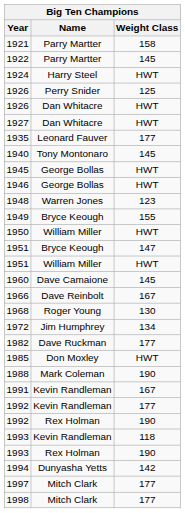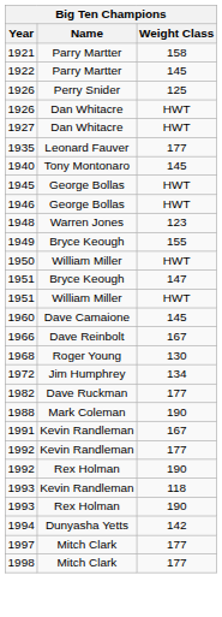 <table class="wikitable">
 <tr>
 <th colspan="3">Big Ten Champions</th>
 </tr>
 <tr>
 <th scope="col">Year</th>
 <th scope="col">Name</th>
 <th scope="col">Weight Class</th>
 </tr>
 <tr>
 <td>1921</td>
 <td style="text-align: center;">Parry Martter</td>
 <td style="text-align: center;">158</td>
 </tr>
 <tr>
 <td>1922</td>
 <td style="text-align: center;">Parry Martter</td>
 <td style="text-align: center;">145</td>
-</tr>
-<tr>
-<td>1924</td>
-<td style="text-align: center;">Harry Steel</td>
-<td style="text-align: center;">HWT</td>
 </tr>
 <tr>
 <td>1926</td>
 <td style="text-align: center;">Perry Snider</td>
 <td style="text-align: center;">125</td>
 </tr>
 <tr>
 <td>1926</td>
 <td style="text-align: center;">Dan Whitacre</td>
 <td style="text-align: center;">HWT</td>
 </tr>
 <tr>
 <td>1927</td>
 <td style="text-align: center;">Dan Whitacre</td>
 <td style="text-align: center;">HWT</td>
 </tr>
 <tr>
 <td>1935</td>
 <td style="text-align: center;">Leonard Fauver</td>
 <td style="text-align: center;">177</td>
 </tr>
 <tr>
 <td>1940</td>
 <td style="text-align: center;">Tony Montonaro</td>
 <td style="text-align: center;">145</td>
 </tr>
 <tr>
 <td>1945</td>
 <td style="text-align: center;">George Bollas</td>
 <td style="text-align: center;">HWT</td>
 </tr>
 <tr>
 <td>1946</td>
 <td style="text-align: center;">George Bollas</td>
 <td style="text-align: center;">HWT</td>
 </tr>
 <tr>
 <td>1948</td>
 <td style="text-align: center;">Warren Jones</td>
 <td style="text-align: center;">123</td>
 </tr>
 <tr>
 <td>1949</td>
 <td style="text-align: center;">Bryce Keough</td>
 <td style="text-align: center;">155</td>
 </tr>
 <tr>
 <td>1950</td>
 <td style="text-align: center;">William Miller</td>
 <td style="text-align: center;">HWT</td>
 </tr>
 <tr>
 <td>1951</td>
 <td style="text-align: center;">Bryce Keough</td>
 <td style="text-align: center;">147</td>
 </tr>
 <tr>
 <td>1951</td>
 <td style="text-align: center;">William Miller</td>
 <td style="text-align: center;">HWT</td>
 </tr>
 <tr>
 <td>1960</td>
 <td style="text-align: center;">Dave Camaione</td>
 <td style="text-align: center;">145</td>
 </tr>
 <tr>
 <td>1966</td>
 <td style="text-align: center;">Dave Reinbolt</td>
 <td style="text-align: center;">167</td>
 </tr>
 <tr>
 <td>1968</td>
 <td style="text-align: center;">Roger Young</td>
 <td style="text-align: center;">130</td>
 </tr>
 <tr>
 <td>1972</td>
 <td style="text-align: center;">Jim Humphrey</td>
 <td style="text-align: center;">134</td>
 </tr>
 <tr>
 <td>1982</td>
 <td style="text-align: center;">Dave Ruckman</td>
 <td style="text-align: center;">177</td>
 </tr>
 <tr>
-<td>1985</td>
-<td style="text-align: center;">Don Moxley</td>
-<td style="text-align: center;">HWT</td>
-</tr>
-<tr>
 <td>1988</td>
 <td style="text-align: center;">Mark Coleman</td>
 <td style="text-align: center;">190</td>
 </tr>
 <tr>
 <td>1991</td>
 <td style="text-align: center;">Kevin Randleman</td>
 <td style="text-align: center;">167</td>
 </tr>
 <tr>
 <td>1992</td>
 <td style="text-align: center;">Kevin Randleman</td>
 <td style="text-align: center;">177</td>
 </tr>
 <tr>
 <td>1992</td>
 <td style="text-align: center;">Rex Holman</td>
 <td style="text-align: center;">190</td>
 </tr>
 <tr>
 <td>1993</td>
 <td style="text-align: center;">Kevin Randleman</td>
 <td style="text-align: center;">118</td>
 </tr>
 <tr>
 <td>1993</td>
 <td style="text-align: center;">Rex Holman</td>
 <td style="text-align: center;">190</td>
 </tr>
 <tr>
 <td>1994</td>
 <td style="text-align: center;">Dunyasha Yetts</td>
 <td style="text-align: center;">142</td>
 </tr>
 <tr>
 <td>1997</td>
 <td style="text-align: center;">Mitch Clark</td>
 <td style="text-align: center;">177</td>
 </tr>
 <tr>
 <td>1998</td>
 <td style="text-align: center;">Mitch Clark</td>
 <td style="text-align: center;">177</td>
 </tr>
 </table>
